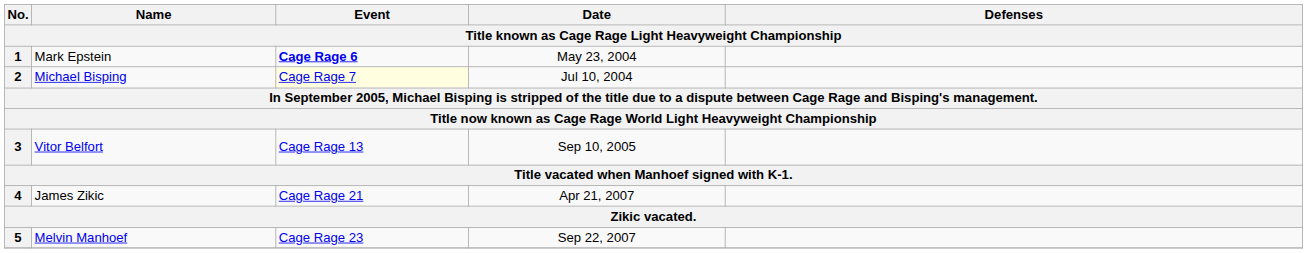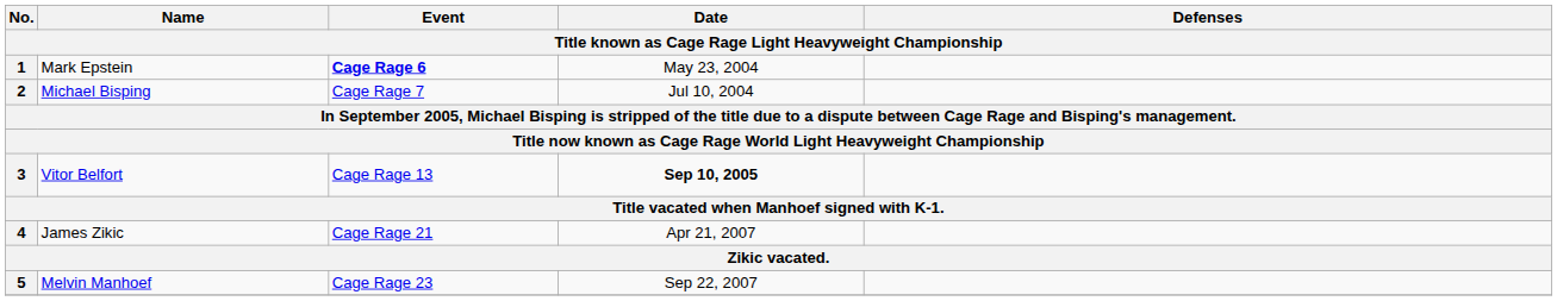 <table class="wikitable" width=100%>
 <tr>
 <th width=1%>No.</th>
 <th width=19%>Name</th>
 <th width=15%>Event</th>
 <th width=20%>Date</th>
 <th width=45%>Defenses</th>
 </tr>
 <tr>
 <th align=center colspan=5>Title known as <strong>Cage Rage Light Heavyweight Championship</strong></th>
 </tr>
 <tr>
 <th>1</th>
 <td> Mark Epstein<br></td>
 <td><strong><a href='#'>Cage Rage 6</a> <br></strong></td>
 <td align=center>May 23, 2004</td>
 <td></td>
 </tr>
 <tr>
 <th>2</th>
 <td> <a href='#'>Michael Bisping</a></td>
-<td style="background: lightyellow;"><a href='#'>Cage Rage 7</a> <br></td>
+<td><a href='#'>Cage Rage 7</a> <br></td>
 <td align=center>Jul 10, 2004</td>
 <td><br></td>
 </tr>
 <tr>
 <th colspan=5 align=center>In September 2005, Michael Bisping is stripped of the title due to a dispute between Cage Rage and Bisping's management.</th>
 </tr>
 <tr>
 <th align=center colspan=5>Title now known as <strong>Cage Rage World Light Heavyweight Championship</strong></th>
 </tr>
 <tr>
 <th>3</th>
 <td> <a href='#'>Vitor Belfort</a> <br></td>
 <td><a href='#'>Cage Rage 13</a> <br></td>
-<td align=center>Sep 10, 2005</td>
+<td align=center><strong>Sep 10, 2005</strong></td>
 <td><br><br> </td>
 </tr>
 <tr>
 <th colspan=5 align=center>Title vacated when Manhoef signed with K-1.</th>
 </tr>
 <tr>
 <th>4</th>
 <td> James Zikic <br></td>
 <td><a href='#'>Cage Rage 21</a> <br></td>
 <td align=center>Apr 21, 2007</td>
 <td></td>
 </tr>
 <tr>
 <th colspan=5 align=center>Zikic vacated.</th>
 </tr>
 <tr>
 <th>5</th>
 <td> <a href='#'>Melvin Manhoef</a> <br></td>
 <td><a href='#'>Cage Rage 23</a> <br></td>
 <td align=center>Sep 22, 2007</td>
 <td></td>
 </tr>
 <tr>
 </tr>
 </table>
